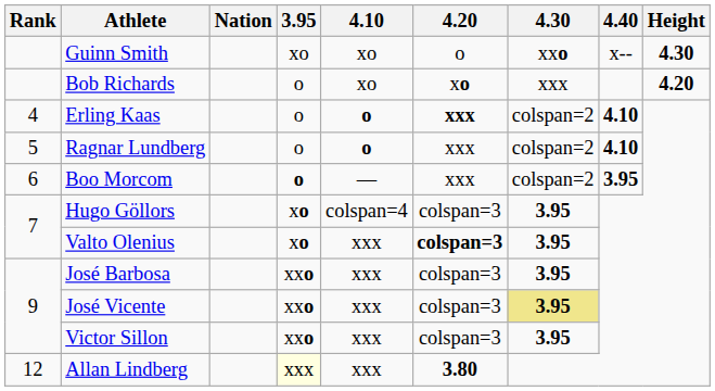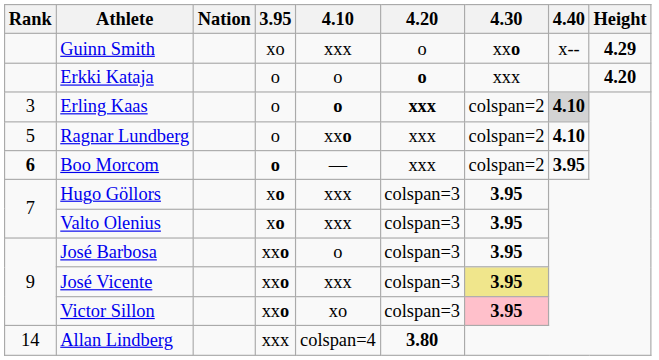 <table class="wikitable sortable" style="text-align:center">
 <tr>
 <th>Rank</th>
 <th>Athlete</th>
 <th>Nation</th>
 <th>3.95</th>
 <th>4.10</th>
 <th>4.20</th>
 <th>4.30</th>
 <th>4.40</th>
 <th>Height</th>
 </tr>
 <tr>
 <td></td>
 <td align="left"><a href='#'>Guinn Smith</a></td>
 <td align="left"></td>
 <td>xo</td>
-<td>xo</td>
+<td>xxx</td>
 <td>o</td>
 <td>xx<strong>o</strong></td>
 <td>x--</td>
-<td><strong>4.30</strong></td>
+<td><strong>4.29</strong></td>
 </tr>
 <tr>
 <td></td>
-<td align="left"><a href='#'>Bob Richards</a></td>
+<td align="left"><a href='#'>Erkki Kataja</a></td>
 <td align="left"></td>
 <td>o</td>
-<td>xo</td>
-<td>x<strong>o</strong></td>
+<td>o</td>
+<td><strong>o</strong></td>
 <td>xxx</td>
 <td></td>
 <td><strong>4.20</strong></td>
 </tr>
 <tr>
-<td>4</td>
+<td>3</td>
 <td align="left"><a href='#'>Erling Kaas</a></td>
 <td align="left"></td>
 <td>o</td>
 <td><strong>o</strong></td>
 <td><strong>xxx</strong></td>
 <td>colspan=2 </td>
-<td><strong>4.10</strong></td>
+<td style="background: lightgrey;"><strong>4.10</strong></td>
 </tr>
 <tr>
 <td>5</td>
 <td align="left"><a href='#'>Ragnar Lundberg</a></td>
 <td align="left"></td>
 <td>o</td>
-<td><strong>o</strong></td>
+<td>xx<strong>o</strong></td>
 <td>xxx</td>
 <td>colspan=2 </td>
 <td><strong>4.10</strong></td>
 </tr>
 <tr>
-<td>6</td>
+<td><strong>6</strong></td>
 <td align="left"><a href='#'>Boo Morcom</a></td>
 <td align="left"></td>
 <td><strong>o</strong></td>
 <td>—</td>
 <td>xxx</td>
 <td>colspan=2 </td>
 <td><strong>3.95</strong></td>
 </tr>
 <tr>
 <td rowspan=2>7</td>
 <td align="left"><a href='#'>Hugo Göllors</a></td>
 <td align="left"></td>
 <td>x<strong>o</strong></td>
-<td>colspan=4 </td>
+<td>xxx</td>
 <td>colspan=3 </td>
 <td><strong>3.95</strong></td>
 </tr>
 <tr>
 <td align="left"><a href='#'>Valto Olenius</a></td>
 <td align="left"></td>
 <td>x<strong>o</strong></td>
 <td>xxx</td>
-<td><strong>colspan=3 </strong></td>
+<td>colspan=3 </td>
 <td><strong>3.95</strong></td>
 </tr>
 <tr>
 <td rowspan=3>9</td>
 <td align="left"><a href='#'>José Barbosa</a></td>
 <td align="left"></td>
 <td>xx<strong>o</strong></td>
-<td>xxx</td>
+<td>o</td>
 <td>colspan=3 </td>
 <td><strong>3.95</strong></td>
 </tr>
 <tr>
 <td align="left"><a href='#'>José Vicente</a></td>
 <td align="left"></td>
 <td>xx<strong>o</strong></td>
 <td>xxx</td>
 <td>colspan=3 </td>
 <td style="background: khaki;"><strong>3.95</strong></td>
 </tr>
 <tr>
 <td align="left"><a href='#'>Victor Sillon</a></td>
 <td align="left"></td>
 <td>xx<strong>o</strong></td>
-<td>xxx</td>
+<td>xo</td>
 <td>colspan=3 </td>
-<td><strong>3.95</strong></td>
+<td style="background: pink;"><strong>3.95</strong></td>
 </tr>
 <tr>
-<td>12</td>
+<td>14</td>
 <td align="left"><a href='#'>Allan Lindberg</a></td>
 <td align="left"></td>
-<td style="background: lightyellow;">xxx</td>
 <td>xxx</td>
+<td>colspan=4 </td>
 <td><strong>3.80</strong></td>
 </tr>
 </table>
